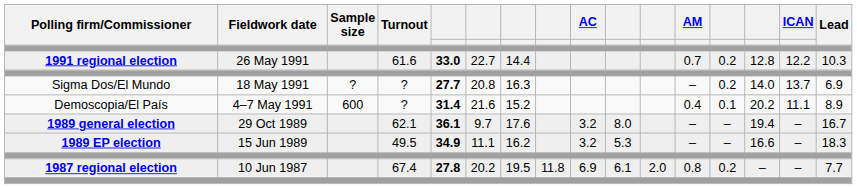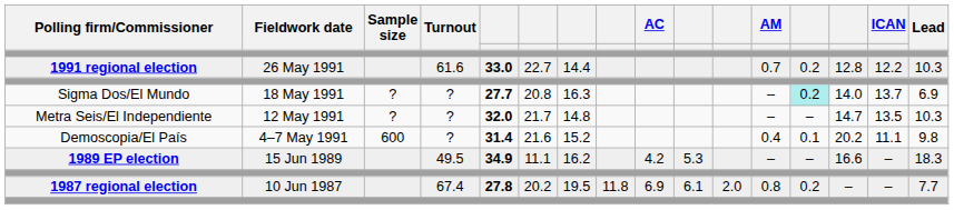 <table class="wikitable collapsible collapsed" style="text-align:center; font-size:95%; line-height:16px;">
 <tr style="height:42px;">
 <th style="width:250px;" rowspan="2">Polling firm/Commissioner</th>
 <th style="width:125px;" rowspan="2">Fieldwork date</th>
 <th style="width:50px;" rowspan="2">Sample size</th>
 <th style="width:45px;" rowspan="2">Turnout</th>
 <th style="width:35px;"></th>
 <th style="width:35px;"></th>
 <th style="width:35px;"></th>
 <th style="width:35px;"></th>
 <th style="width:35px;"><a href='#'>AC</a></th>
 <th style="width:35px;"></th>
 <th style="width:35px;"></th>
 <th style="width:35px;"><a href='#'>AM</a></th>
 <th style="width:35px;"></th>
 <th style="width:35px;"></th>
 <th style="width:35px;"><a href='#'>ICAN</a></th>
 <th style="width:30px;" rowspan="2">Lead</th>
 </tr>
 <tr>
 <th style="color:inherit;background:"></th>
 <th style="color:inherit;background:"></th>
 <th style="color:inherit;background:"></th>
 <th style="color:inherit;background:"></th>
 <th style="color:inherit;background:"></th>
 <th style="color:inherit;background:"></th>
 <th style="color:inherit;background:"></th>
 <th style="color:inherit;background:"></th>
 <th style="color:inherit;background:"></th>
 <th style="color:inherit;background:"></th>
 <th style="color:inherit;background:"></th>
 </tr>
 <tr>
 <td colspan="16" style="background:#A0A0A0"></td>
 </tr>
 <tr style="background:#EFEFEF;">
 <td><strong><a href='#'>1991 regional election</a></strong></td>
 <td>26 May 1991</td>
 <td></td>
 <td>61.6</td>
 <td><strong>33.0</strong><br></td>
 <td>22.7<br></td>
 <td>14.4<br></td>
 <td></td>
 <td></td>
 <td></td>
 <td></td>
 <td>0.7<br></td>
 <td>0.2<br></td>
 <td>12.8<br></td>
 <td>12.2<br></td>
 <td style="background:">10.3</td>
 </tr>
 <tr>
 <td colspan="16" style="background:#A0A0A0"></td>
 </tr>
 <tr>
 <td>Sigma Dos/El Mundo</td>
 <td>18 May 1991</td>
 <td>?</td>
 <td>?</td>
 <td><strong>27.7</strong><br></td>
 <td>20.8<br></td>
 <td>16.3<br></td>
 <td></td>
 <td></td>
 <td></td>
 <td></td>
 <td>–</td>
-<td>0.2<br></td>
+<td style="background: paleturquoise;">0.2<br></td>
 <td>14.0<br></td>
 <td>13.7<br></td>
 <td style="background:">6.9</td>
+</tr>
+<tr>
+<td>Metra Seis/El Independiente</td>
+<td>12 May 1991</td>
+<td>?</td>
+<td>?</td>
+<td><strong>32.0</strong><br></td>
+<td>21.7<br></td>
+<td>14.8<br></td>
+<td></td>
+<td></td>
+<td></td>
+<td></td>
+<td>–</td>
+<td>–</td>
+<td>14.7<br></td>
+<td>13.5<br></td>
+<td style="background:">10.3</td>
 </tr>
 <tr>
 <td>Demoscopia/El País</td>
 <td>4–7 May 1991</td>
 <td>600</td>
 <td>?</td>
 <td><strong>31.4</strong><br></td>
 <td>21.6<br></td>
 <td>15.2<br></td>
 <td></td>
 <td></td>
 <td></td>
 <td></td>
 <td>0.4<br></td>
 <td>0.1<br></td>
 <td>20.2<br></td>
 <td>11.1<br></td>
-<td style="background:">8.9</td>
-</tr>
-<tr style="background:#EFEFEF;">
-<td><strong><a href='#'>1989 general election</a></strong></td>
-<td>29 Oct 1989</td>
-<td></td>
-<td>62.1</td>
-<td><strong>36.1</strong></td>
-<td>9.7</td>
-<td>17.6</td>
-<td></td>
-<td>3.2</td>
-<td>8.0</td>
-<td></td>
-<td>–</td>
-<td>–</td>
-<td>19.4</td>
-<td>–</td>
-<td style="background:">16.7</td>
+<td style="background:">9.8</td>
 </tr>
 <tr style="background:#EFEFEF;">
 <td><strong><a href='#'>1989 EP election</a></strong></td>
 <td>15 Jun 1989</td>
 <td></td>
 <td>49.5</td>
 <td><strong>34.9</strong></td>
 <td>11.1</td>
 <td>16.2</td>
 <td></td>
-<td>3.2</td>
+<td>4.2</td>
 <td>5.3</td>
 <td></td>
 <td>–</td>
 <td>–</td>
 <td>16.6</td>
 <td>–</td>
 <td style="background:">18.3</td>
 </tr>
 <tr>
 <td colspan="16" style="background:#A0A0A0"></td>
 </tr>
 <tr style="background:#EFEFEF;">
 <td><strong><a href='#'>1987 regional election</a></strong></td>
 <td>10 Jun 1987</td>
 <td></td>
 <td>67.4</td>
 <td><strong>27.8</strong><br></td>
 <td>20.2<br></td>
 <td>19.5<br></td>
 <td>11.8<br></td>
 <td>6.9<br></td>
 <td>6.1<br></td>
 <td>2.0<br></td>
 <td>0.8<br></td>
 <td>0.2<br></td>
 <td>–</td>
 <td>–</td>
 <td style="background:">7.7</td>
 </tr>
 <tr>
 <td colspan="16" style="background:#A0A0A0"></td>
 </tr>
 </table>
